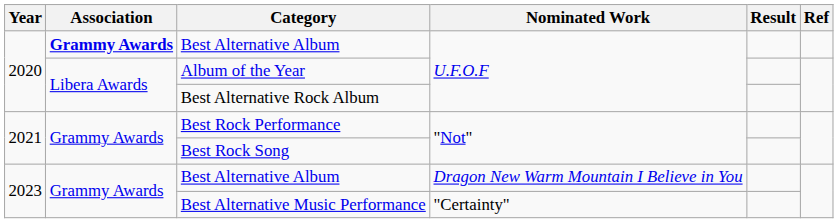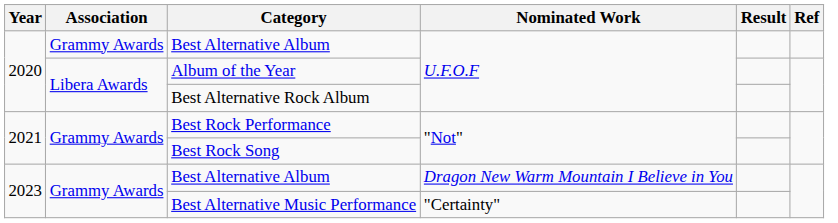 <table class="wikitable">
 <tr>
 <th>Year</th>
 <th>Association</th>
 <th>Category</th>
 <th>Nominated Work</th>
 <th>Result</th>
 <th>Ref</th>
 </tr>
 <tr>
 <td rowspan="3">2020</td>
-<td><strong><a href='#'>Grammy Awards</a></strong></td>
+<td><a href='#'>Grammy Awards</a></td>
 <td><a href='#'>Best Alternative Album</a></td>
 <td rowspan="3"><em><a href='#'>U.F.O.F</a></em></td>
 <td></td>
 <td></td>
 </tr>
 <tr>
 <td rowspan="2"><a href='#'>Libera Awards</a></td>
 <td><a href='#'>Album of the Year</a></td>
 <td></td>
 <td rowspan="2"></td>
 </tr>
 <tr>
 <td>Best Alternative Rock Album</td>
 <td></td>
 </tr>
 <tr>
 <td rowspan="2">2021</td>
 <td rowspan="2"><a href='#'>Grammy Awards</a></td>
 <td><a href='#'>Best Rock Performance</a></td>
 <td rowspan="2">"<a href='#'>Not</a>"</td>
 <td></td>
 <td rowspan="2"></td>
 </tr>
 <tr>
 <td><a href='#'>Best Rock Song</a></td>
 <td></td>
 </tr>
 <tr>
 <td rowspan="2">2023</td>
 <td rowspan="2"><a href='#'>Grammy Awards</a></td>
 <td><a href='#'>Best Alternative Album</a></td>
 <td><em><a href='#'>Dragon New Warm Mountain I Believe in You</a></em></td>
 <td></td>
 <td rowspan="2"></td>
 </tr>
 <tr>
 <td><a href='#'>Best Alternative Music Performance</a></td>
 <td>"Certainty"</td>
 <td></td>
 </tr>
 </table>
